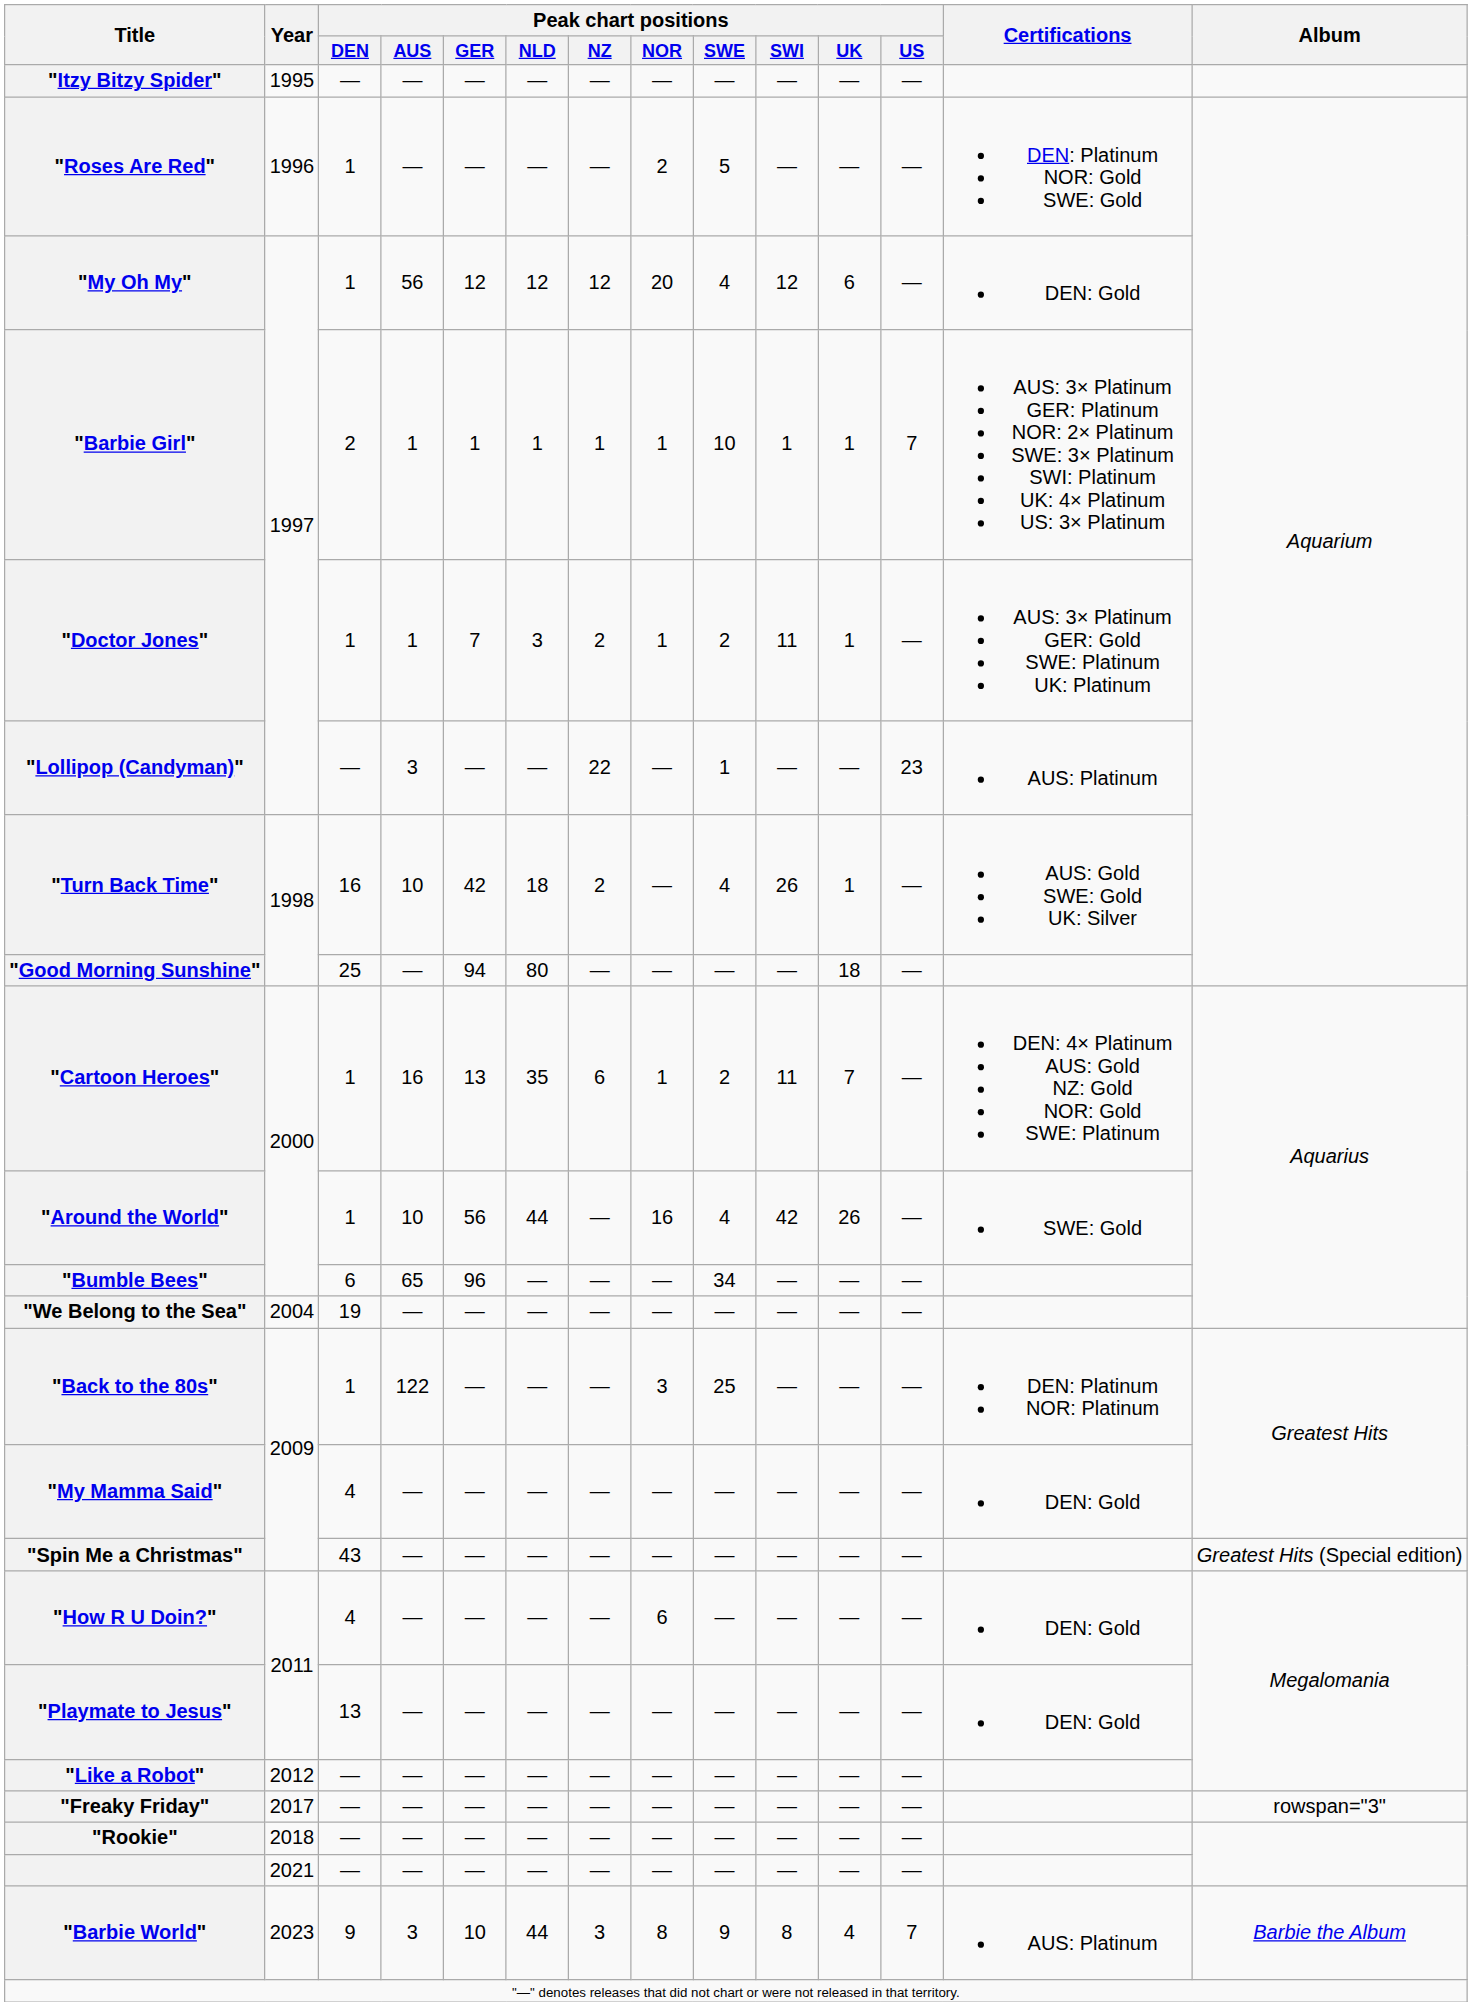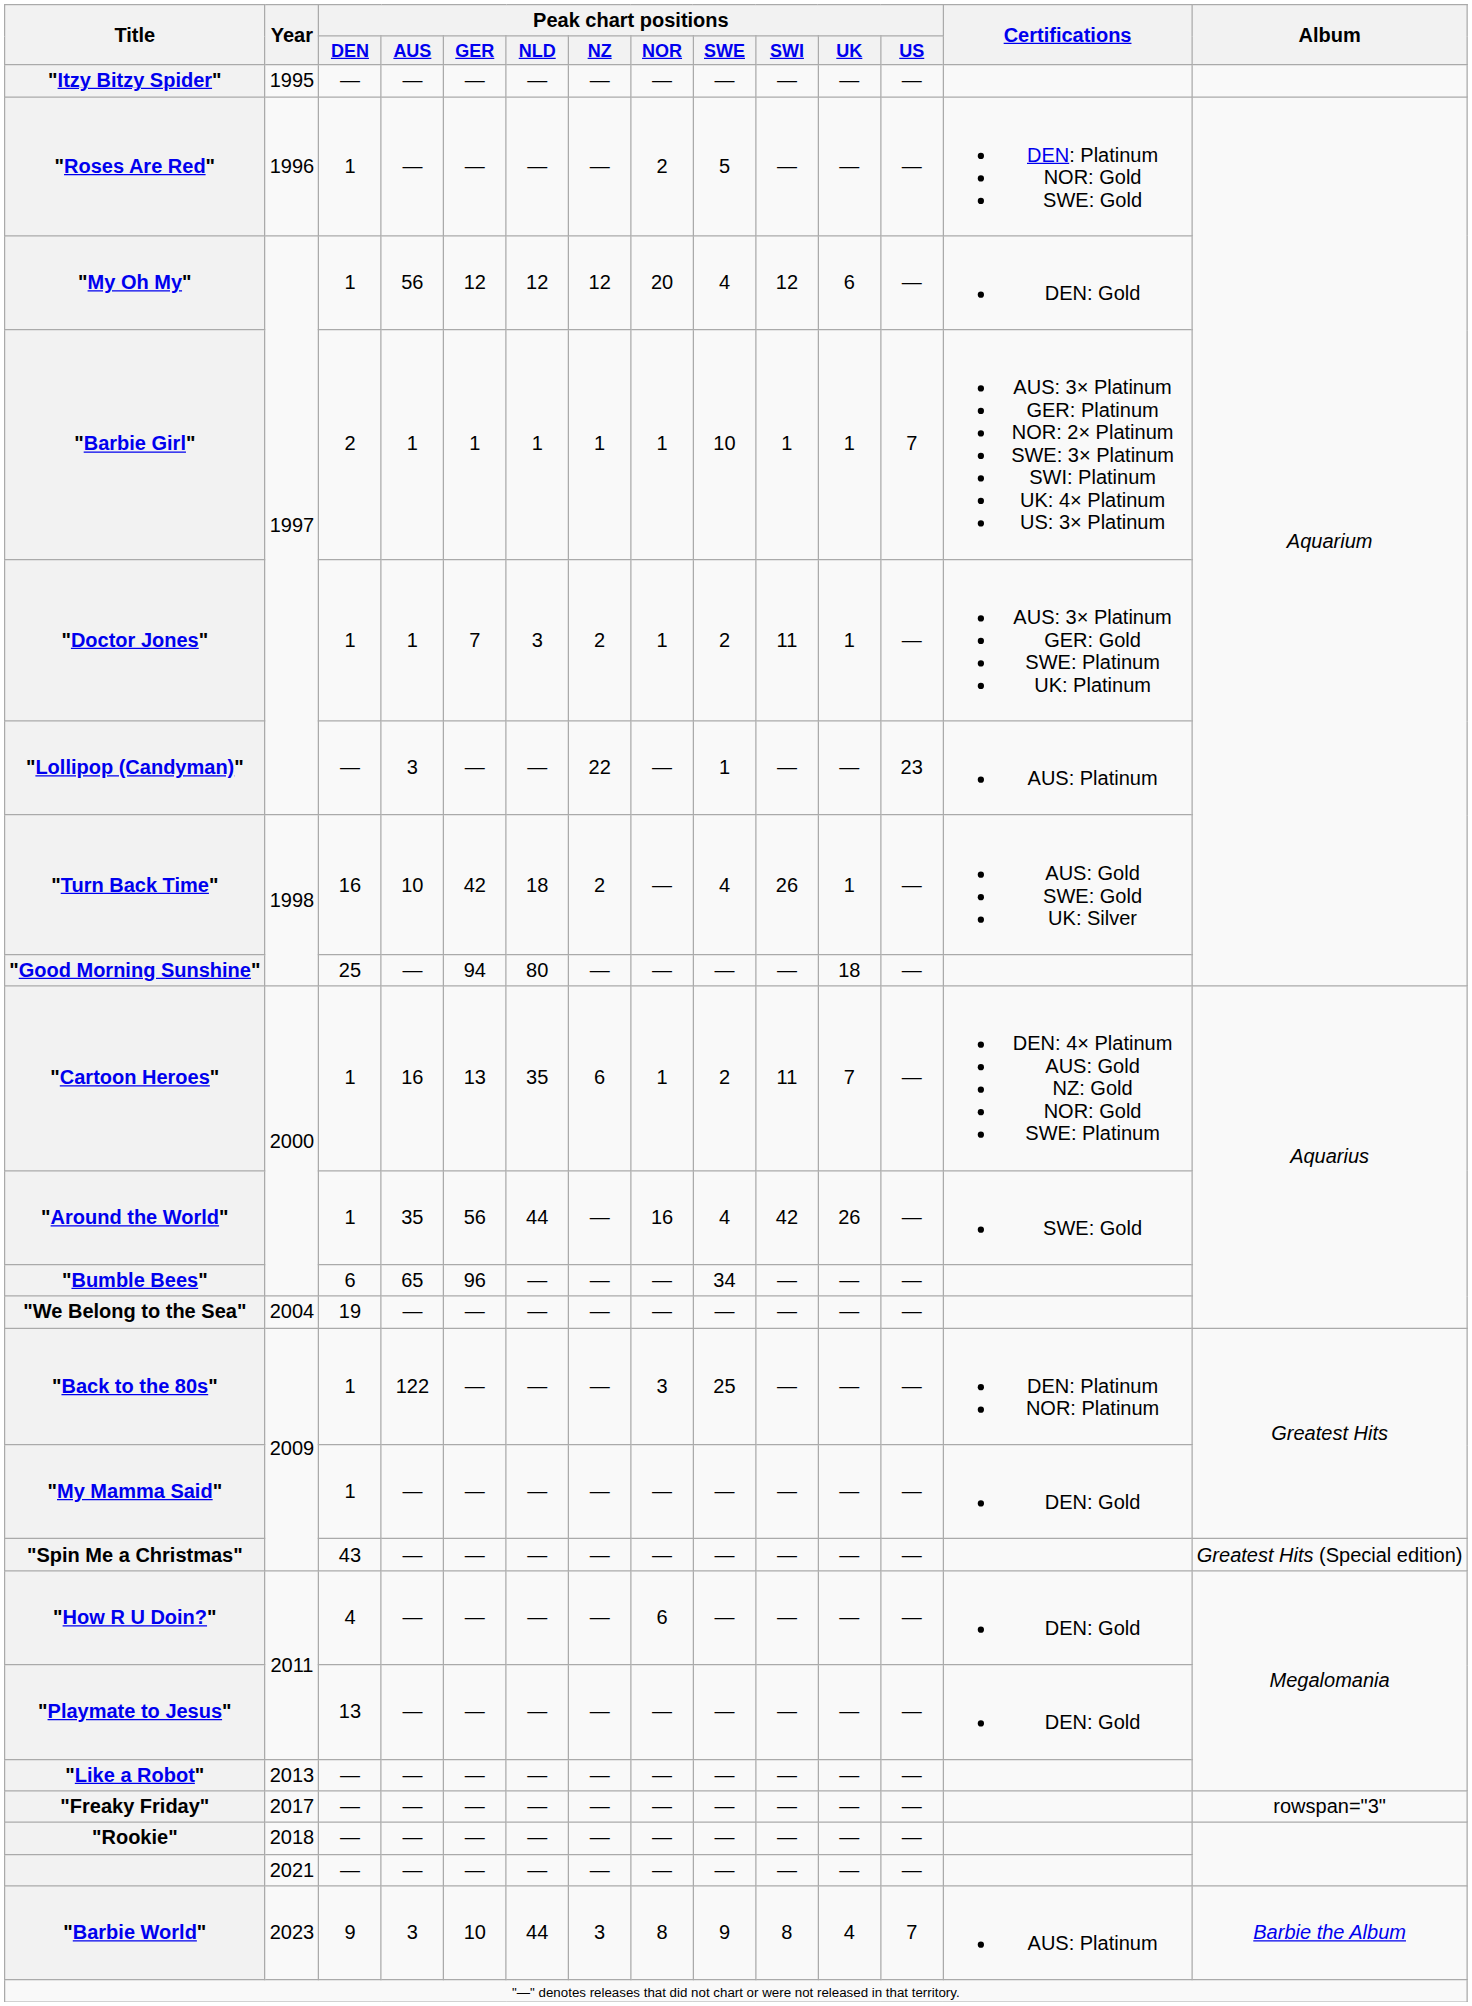 <table class="wikitable plainrowheaders" style="text-align:center;">
 <tr>
 <th scope="col" rowspan="2">Title</th>
 <th scope="col" rowspan="2">Year</th>
 <th scope="col" colspan="10">Peak chart positions</th>
 <th scope="col" rowspan="2" style="width:12em;"><a href='#'>Certifications</a></th>
 <th scope="col" rowspan="2">Album</th>
 </tr>
 <tr>
 <th scope="col" style="width:3em;font-size:90%;"><a href='#'>DEN</a><br></th>
 <th scope="col" style="width:3em;font-size:90%;"><a href='#'>AUS</a><br></th>
 <th scope="col" style="width:3em;font-size:90%;"><a href='#'>GER</a><br></th>
 <th scope="col" style="width:3em;font-size:90%;"><a href='#'>NLD</a><br></th>
 <th scope="col" style="width:3em;font-size:90%;"><a href='#'>NZ</a><br></th>
 <th scope="col" style="width:3em;font-size:90%;"><a href='#'>NOR</a><br></th>
 <th scope="col" style="width:3em;font-size:90%;"><a href='#'>SWE</a><br></th>
 <th scope="col" style="width:3em;font-size:90%;"><a href='#'>SWI</a><br></th>
 <th scope="col" style="width:3em;font-size:90%;"><a href='#'>UK</a><br></th>
 <th scope="col" style="width:3em;font-size:90%;"><a href='#'>US</a><br></th>
 </tr>
 <tr>
 <th scope="row">"<a href='#'>Itzy Bitzy Spider</a>"<br></th>
 <td>1995</td>
 <td>—</td>
 <td>—</td>
 <td>—</td>
 <td>—</td>
 <td>—</td>
 <td>—</td>
 <td>—</td>
 <td>—</td>
 <td>—</td>
 <td>—</td>
 <td></td>
 <td></td>
 </tr>
 <tr>
 <th scope="row">"<a href='#'>Roses Are Red</a>"</th>
 <td>1996</td>
 <td>1</td>
 <td>—</td>
 <td>—</td>
 <td>—</td>
 <td>—</td>
 <td>2</td>
 <td>5</td>
 <td>—</td>
 <td>—</td>
 <td>—</td>
 <td><br><ul><li><a href='#'>DEN</a>: Platinum</li><li>NOR: Gold</li><li>SWE: Gold</li></ul></td>
 <td rowspan="7"><em>Aquarium</em></td>
 </tr>
 <tr>
 <th scope="row">"<a href='#'>My Oh My</a>"</th>
 <td rowspan="4">1997</td>
 <td>1</td>
 <td>56</td>
 <td>12</td>
 <td>12</td>
 <td>12</td>
 <td>20</td>
 <td>4</td>
 <td>12</td>
 <td>6</td>
 <td>—</td>
 <td><br><ul><li>DEN: Gold</li></ul></td>
 </tr>
 <tr>
 <th scope="row">"<a href='#'>Barbie Girl</a>"</th>
 <td>2</td>
 <td>1</td>
 <td>1</td>
 <td>1</td>
 <td>1</td>
 <td>1</td>
 <td>10</td>
 <td>1</td>
 <td>1</td>
 <td>7</td>
 <td><br><ul><li>AUS: 3× Platinum</li><li>GER: Platinum</li><li>NOR: 2× Platinum</li><li>SWE: 3× Platinum</li><li>SWI: Platinum</li><li>UK: 4× Platinum</li><li>US: 3× Platinum</li></ul></td>
 </tr>
 <tr>
 <th scope="row">"<a href='#'>Doctor Jones</a>"</th>
 <td>1</td>
 <td>1</td>
 <td>7</td>
 <td>3</td>
 <td>2</td>
 <td>1</td>
 <td>2</td>
 <td>11</td>
 <td>1</td>
 <td>—</td>
 <td><br><ul><li>AUS: 3× Platinum</li><li>GER: Gold</li><li>SWE: Platinum</li><li>UK: Platinum</li></ul></td>
 </tr>
 <tr>
 <th scope="row">"<a href='#'>Lollipop (Candyman)</a>"</th>
 <td>—</td>
 <td>3</td>
 <td>—</td>
 <td>—</td>
 <td>22</td>
 <td>—</td>
 <td>1</td>
 <td>—</td>
 <td>—</td>
 <td>23</td>
 <td><br><ul><li>AUS: Platinum</li></ul></td>
 </tr>
 <tr>
 <th scope="row">"<a href='#'>Turn Back Time</a>"</th>
 <td rowspan="2">1998</td>
 <td>16</td>
 <td>10</td>
 <td>42</td>
 <td>18</td>
 <td>2</td>
 <td>—</td>
 <td>4</td>
 <td>26</td>
 <td>1</td>
 <td>—</td>
 <td><br><ul><li>AUS: Gold</li><li>SWE: Gold</li><li>UK: Silver</li></ul></td>
 </tr>
 <tr>
 <th scope="row">"<a href='#'>Good Morning Sunshine</a>"</th>
 <td>25</td>
 <td>—</td>
 <td>94</td>
 <td>80</td>
 <td>—</td>
 <td>—</td>
 <td>—</td>
 <td>—</td>
 <td>18</td>
 <td>—</td>
 <td></td>
 </tr>
 <tr>
 <th scope="row">"<a href='#'>Cartoon Heroes</a>"</th>
 <td rowspan="3">2000</td>
 <td>1</td>
 <td>16</td>
 <td>13</td>
 <td>35</td>
 <td>6</td>
 <td>1</td>
 <td>2</td>
 <td>11</td>
 <td>7</td>
 <td>—</td>
 <td><br><ul><li>DEN: 4× Platinum</li><li>AUS: Gold</li><li>NZ: Gold</li><li>NOR: Gold</li><li>SWE: Platinum</li></ul></td>
 <td rowspan="4"><em>Aquarius</em></td>
 </tr>
 <tr>
 <th scope="row">"<a href='#'>Around the World</a>"</th>
 <td>1</td>
-<td>10</td>
+<td>35</td>
 <td>56</td>
 <td>44</td>
 <td>—</td>
 <td>16</td>
 <td>4</td>
 <td>42</td>
 <td>26</td>
 <td>—</td>
 <td><br><ul><li>SWE: Gold</li></ul></td>
 </tr>
 <tr>
 <th scope="row">"<a href='#'>Bumble Bees</a>"</th>
 <td>6</td>
 <td>65</td>
 <td>96</td>
 <td>—</td>
 <td>—</td>
 <td>—</td>
 <td>34</td>
 <td>—</td>
 <td>—</td>
 <td>—</td>
 <td></td>
 </tr>
 <tr>
 <th scope="row">"We Belong to the Sea"</th>
 <td>2004</td>
 <td>19</td>
 <td>—</td>
 <td>—</td>
 <td>—</td>
 <td>—</td>
 <td>—</td>
 <td>—</td>
 <td>—</td>
 <td>—</td>
 <td>—</td>
 <td></td>
 </tr>
 <tr>
 <th scope="row">"<a href='#'>Back to the 80s</a>"</th>
 <td rowspan="3">2009</td>
 <td>1</td>
 <td>122</td>
 <td>—</td>
 <td>—</td>
 <td>—</td>
 <td>3</td>
 <td>25</td>
 <td>—</td>
 <td>—</td>
 <td>—</td>
 <td><br><ul><li>DEN: Platinum</li><li>NOR: Platinum</li></ul></td>
 <td rowspan="2"><em>Greatest Hits</em></td>
 </tr>
 <tr>
 <th scope="row">"<a href='#'>My Mamma Said</a>"</th>
-<td>4</td>
+<td>1</td>
 <td>—</td>
 <td>—</td>
 <td>—</td>
 <td>—</td>
 <td>—</td>
 <td>—</td>
 <td>—</td>
 <td>—</td>
 <td>—</td>
 <td><br><ul><li>DEN: Gold</li></ul></td>
 </tr>
 <tr>
 <th scope="row">"Spin Me a Christmas"</th>
 <td>43</td>
 <td>—</td>
 <td>—</td>
 <td>—</td>
 <td>—</td>
 <td>—</td>
 <td>—</td>
 <td>—</td>
 <td>—</td>
 <td>—</td>
 <td></td>
 <td><em>Greatest Hits</em> (Special edition)</td>
 </tr>
 <tr>
 <th scope="row">"<a href='#'>How R U Doin?</a>"</th>
 <td rowspan="2">2011</td>
 <td>4</td>
 <td>—</td>
 <td>—</td>
 <td>—</td>
 <td>—</td>
 <td>6</td>
 <td>—</td>
 <td>—</td>
 <td>—</td>
 <td>—</td>
 <td><br><ul><li>DEN: Gold</li></ul></td>
 <td rowspan="3"><em>Megalomania</em></td>
 </tr>
 <tr>
 <th scope="row">"<a href='#'>Playmate to Jesus</a>"</th>
 <td>13</td>
 <td>—</td>
 <td>—</td>
 <td>—</td>
 <td>—</td>
 <td>—</td>
 <td>—</td>
 <td>—</td>
 <td>—</td>
 <td>—</td>
 <td><br><ul><li>DEN: Gold</li></ul></td>
 </tr>
 <tr>
 <th scope="row">"<a href='#'>Like a Robot</a>"</th>
-<td>2012</td>
+<td>2013</td>
 <td>—</td>
 <td>—</td>
 <td>—</td>
 <td>—</td>
 <td>—</td>
 <td>—</td>
 <td>—</td>
 <td>—</td>
 <td>—</td>
 <td>—</td>
 <td></td>
 </tr>
 <tr>
 <th scope="row">"Freaky Friday"</th>
 <td>2017</td>
 <td>—</td>
 <td>—</td>
 <td>—</td>
 <td>—</td>
 <td>—</td>
 <td>—</td>
 <td>—</td>
 <td>—</td>
 <td>—</td>
 <td>—</td>
 <td></td>
 <td>rowspan="3" </td>
 </tr>
 <tr>
 <th scope="row">"Rookie"</th>
 <td>2018</td>
 <td>—</td>
 <td>—</td>
 <td>—</td>
 <td>—</td>
 <td>—</td>
 <td>—</td>
 <td>—</td>
 <td>—</td>
 <td>—</td>
 <td>—</td>
 <td></td>
 </tr>
 <tr>
 <th scope="row"></th>
 <td>2021</td>
 <td>—</td>
 <td>—</td>
 <td>—</td>
 <td>—</td>
 <td>—</td>
 <td>—</td>
 <td>—</td>
 <td>—</td>
 <td>—</td>
 <td>—</td>
 <td></td>
 </tr>
 <tr>
 <th scope="row">"<a href='#'>Barbie World</a>"<br></th>
 <td>2023</td>
 <td>9</td>
 <td>3</td>
 <td>10</td>
 <td>44</td>
 <td>3</td>
 <td>8</td>
 <td>9</td>
 <td>8</td>
 <td>4</td>
 <td>7</td>
 <td><br><ul><li>AUS: Platinum</li></ul></td>
 <td><em><a href='#'>Barbie the Album</a></em></td>
 </tr>
 <tr>
 <td align="center" colspan="15" style="font-size:8pt">"—" denotes releases that did not chart or were not released in that territory.</td>
 </tr>
 </table>
